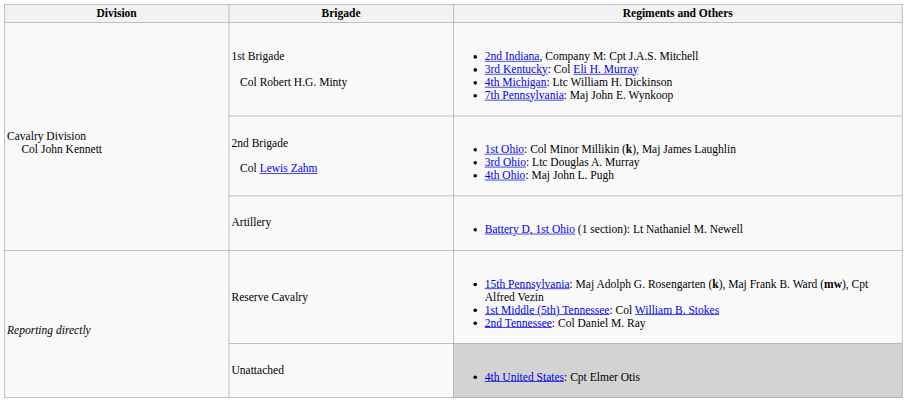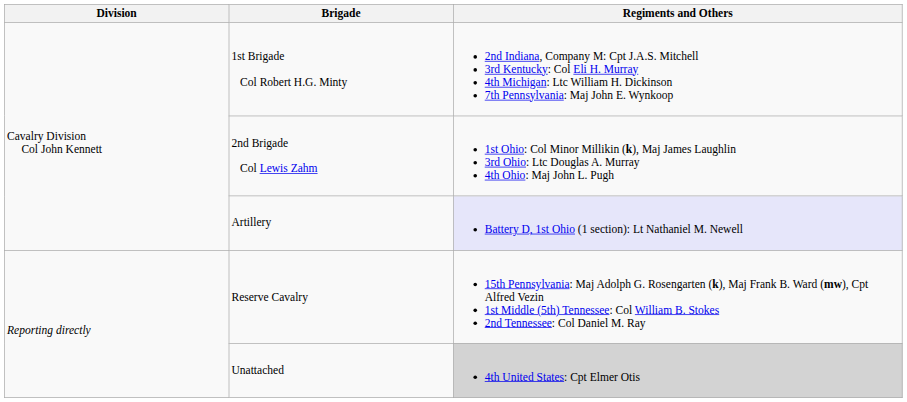 <table class="wikitable">
 <tr>
 <th width=25%>Division</th>
 <th width=25%>Brigade</th>
 <th>Regiments and Others</th>
 </tr>
 <tr>
 <td rowspan=3><br>Cavalry Division <br>     Col John Kennett</td>
 <td>1st Brigade<br><br>   Col Robert H.G. Minty</td>
 <td><br><ul><li><a href='#'>2nd Indiana</a>, Company M: Cpt J.A.S. Mitchell</li><li><a href='#'>3rd Kentucky</a>: Col <a href='#'>Eli H. Murray</a></li><li><a href='#'>4th Michigan</a>: Ltc William H. Dickinson</li><li><a href='#'>7th Pennsylvania</a>: Maj John E. Wynkoop</li></ul></td>
 </tr>
 <tr>
 <td>2nd Brigade<br><br>   Col <a href='#'>Lewis Zahm</a></td>
 <td><br><ul><li><a href='#'>1st Ohio</a>: Col Minor Millikin (<strong>k</strong>), Maj James Laughlin</li><li><a href='#'>3rd Ohio</a>: Ltc Douglas A. Murray</li><li><a href='#'>4th Ohio</a>: Maj John L. Pugh</li></ul></td>
 </tr>
 <tr>
 <td>Artillery</td>
-<td><br><ul><li><a href='#'>Battery D, 1st Ohio</a> (1 section): Lt Nathaniel M. Newell</li></ul></td>
+<td style="background: lavender;"><br><ul><li><a href='#'>Battery D, 1st Ohio</a> (1 section): Lt Nathaniel M. Newell</li></ul></td>
 </tr>
 <tr>
 <td rowspan=2><br><em>Reporting directly</em></td>
 <td>Reserve Cavalry</td>
 <td><br><ul><li><a href='#'>15th Pennsylvania</a>: Maj Adolph G. Rosengarten (<strong>k</strong>), Maj Frank B. Ward (<strong>mw</strong>), Cpt Alfred Vezin</li><li><a href='#'>1st Middle (5th) Tennessee</a>: Col <a href='#'>William B. Stokes</a></li><li><a href='#'>2nd Tennessee</a>: Col Daniel M. Ray</li></ul></td>
 </tr>
 <tr>
 <td>Unattached</td>
 <td style="background: lightgrey;"><br><ul><li><a href='#'>4th United States</a>: Cpt Elmer Otis</li></ul></td>
 </tr>
 </table>
